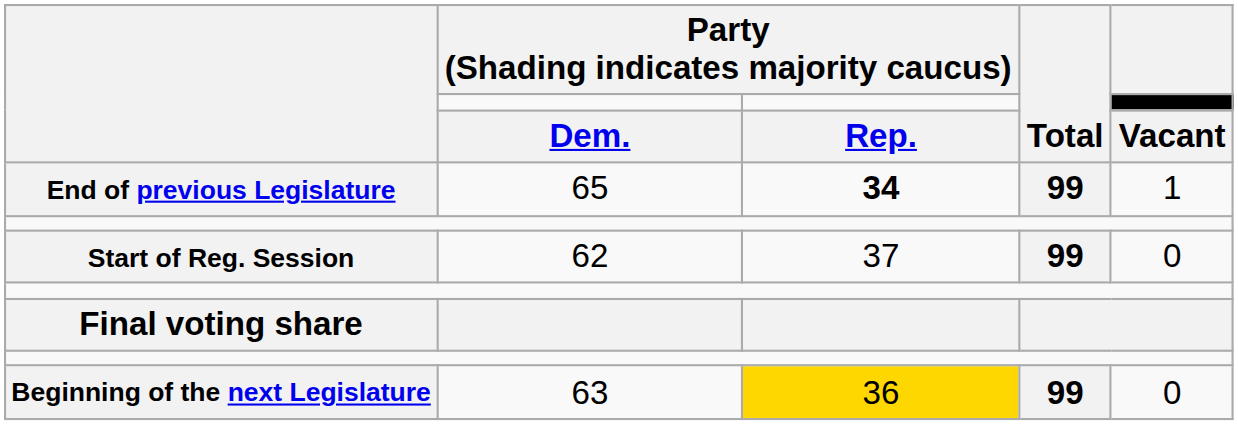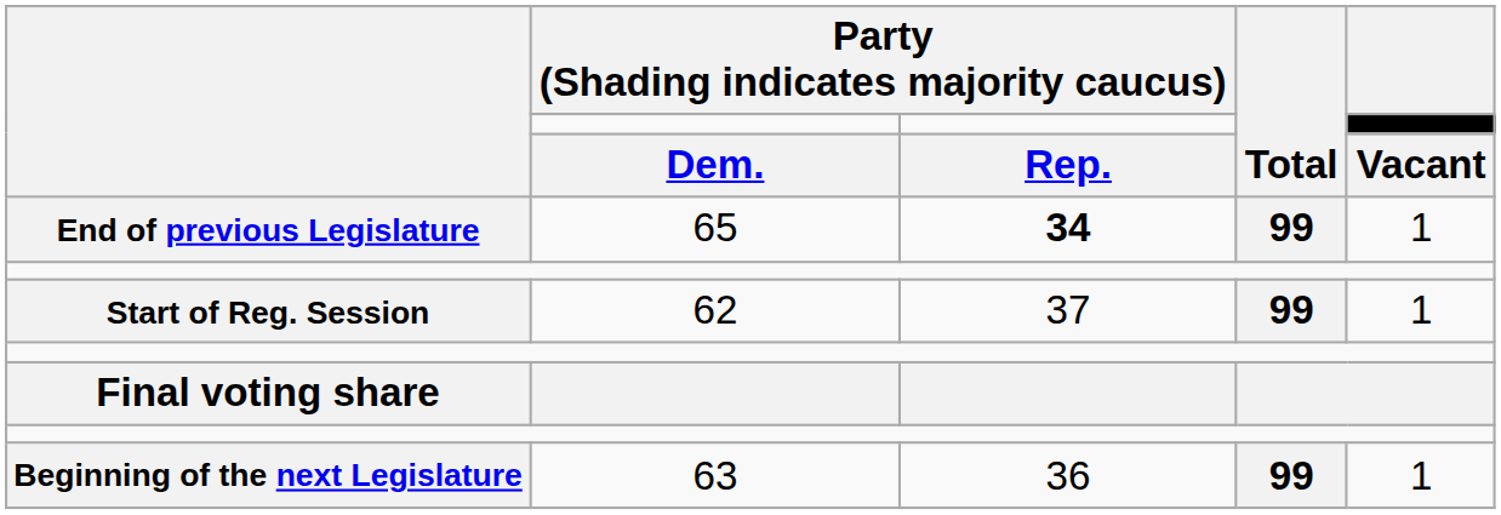 <table class=wikitable style="text-align:center">
 <tr style="vertical-align:bottom;">
 <th rowspan=3></th>
 <th colspan=2>Party <div>(Shading indicates majority caucus)</div></th>
 <th rowspan=3>Total</th>
 <th></th>
 </tr>
 <tr style="height:5px">
 <td style="background-color:"></td>
 <td style="background-color:"></td>
 <td style="background:black;"></td>
 </tr>
 <tr>
 <th><a href='#'>Dem.</a></th>
 <th><a href='#'>Rep.</a></th>
 <th>Vacant</th>
 </tr>
 <tr>
 <th style="font-size:80%;">End of <a href='#'>previous Legislature</a></th>
 <td>65</td>
 <td><strong>34</strong></td>
 <th>99</th>
 <td>1</td>
 </tr>
 <tr>
 <td colspan=6></td>
 </tr>
 <tr>
 <th style="font-size:80%;">Start of Reg. Session</th>
 <td>62</td>
 <td>37</td>
 <th>99</th>
-<td>0</td>
+<td>1</td>
 </tr>
 <tr>
 <td colspan=5></td>
 </tr>
 <tr>
 <th>Final voting share</th>
 <th></th>
 <th></th>
 <th colspan=2></th>
 </tr>
 <tr>
 <td colspan=5></td>
 </tr>
 <tr>
 <th style="font-size:80%;">Beginning of the <a href='#'>next Legislature</a></th>
 <td>63</td>
-<td style="background: gold;">36</td>
+<td>36</td>
 <th>99</th>
-<td>0</td>
+<td>1</td>
 </tr>
 </table>
